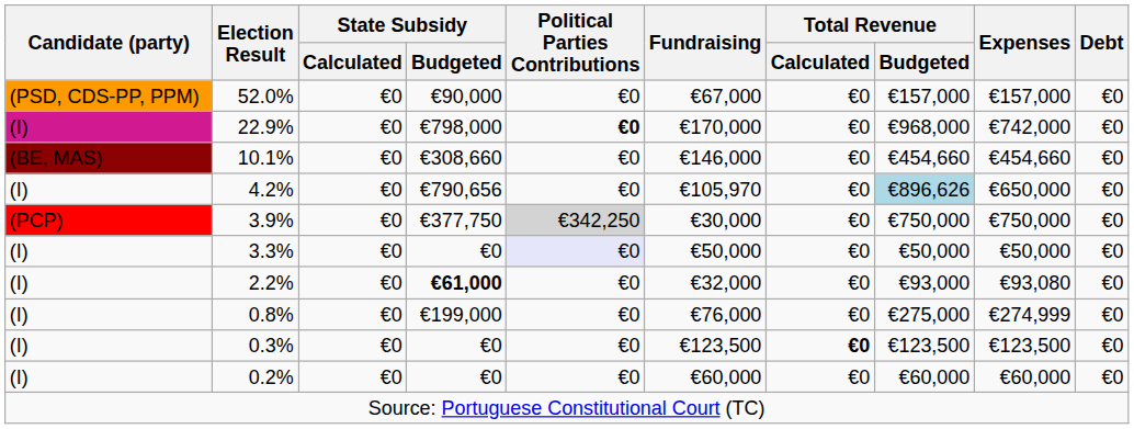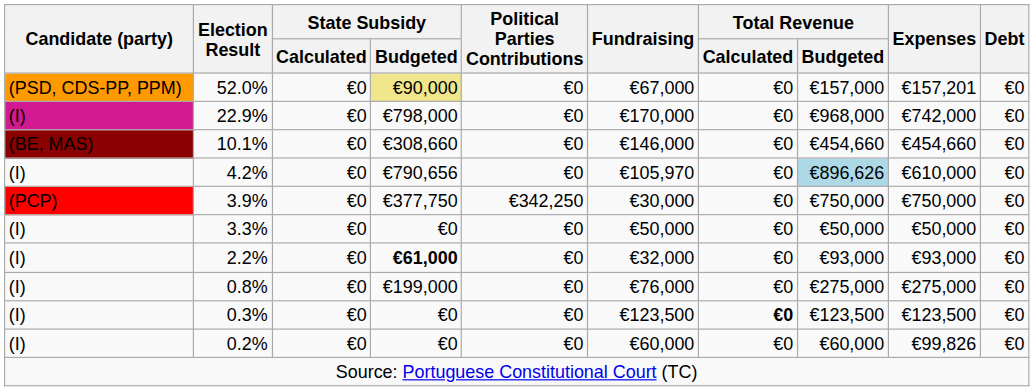 <table class="wikitable sortable" style="font-size:95%">
 <tr>
 <th rowspan=2>Candidate (party)</th>
 <th rowspan=2>Election<br>Result</th>
 <th colspan="2">State Subsidy</th>
 <th rowspan=2>Political Parties<br>Contributions</th>
 <th rowspan=2>Fundraising</th>
 <th colspan="2">Total Revenue</th>
 <th rowspan=2>Expenses</th>
 <th rowspan=2>Debt</th>
 </tr>
 <tr>
 <th>Calculated</th>
 <th>Budgeted</th>
 <th>Calculated</th>
 <th>Budgeted</th>
 </tr>
 <tr>
 <td class="unsortable" style="background:#FF9900" width="275px"><span> (PSD, CDS-PP, PPM)</span></td>
 <td align=right>52.0%</td>
 <td align=right>€0</td>
-<td align=right>€90,000</td>
+<td align=right style="background: khaki;">€90,000</td>
 <td align=right>€0</td>
 <td align=right>€67,000</td>
 <td align=right>€0</td>
 <td align=right>€157,000</td>
-<td align=right>€157,000</td>
+<td align=right>€157,201</td>
 <td align=right>€0</td>
 </tr>
 <tr>
 <td class="unsortable" style="background:#d11a91" width="275px"><span> (I)</span></td>
 <td align=right>22.9%</td>
 <td align=right>€0</td>
 <td align=right>€798,000</td>
-<td align=right><strong>€0</strong></td>
+<td align=right>€0</td>
 <td align=right>€170,000</td>
 <td align=right>€0</td>
 <td align=right>€968,000</td>
 <td align=right>€742,000</td>
 <td align=right>€0</td>
 </tr>
 <tr>
 <td class="unsortable" style="background:#8B0000" width="230px"><span> (BE, MAS)</span></td>
 <td align=right>10.1%</td>
 <td align=right>€0</td>
 <td align=right>€308,660</td>
 <td align=right>€0</td>
 <td align=right>€146,000</td>
 <td align=right>€0</td>
 <td align=right>€454,660</td>
 <td align=right>€454,660</td>
 <td align=right>€0</td>
 </tr>
 <tr>
 <td class="unsortable" style="background:"><span> (I)</span></td>
 <td align=right>4.2%</td>
 <td align=right>€0</td>
 <td align=right>€790,656</td>
 <td align=right>€0</td>
 <td align=right>€105,970</td>
 <td align=right>€0</td>
 <td align=right style="background: lightblue;">€896,626</td>
-<td align=right>€650,000</td>
+<td align=right>€610,000</td>
 <td align=right>€0</td>
 </tr>
 <tr>
 <td class="unsortable" style="background:red" width="230px"><span> (PCP)</span></td>
 <td align=right>3.9%</td>
 <td align=right>€0</td>
 <td align=right>€377,750</td>
-<td align=right style="background: lightgrey;">€342,250</td>
+<td align=right>€342,250</td>
 <td align=right>€30,000</td>
 <td align=right>€0</td>
 <td align=right>€750,000</td>
 <td align=right>€750,000</td>
 <td align=right>€0</td>
 </tr>
 <tr>
 <td class="unsortable" style="background:"><span> (I)</span></td>
 <td align=right>3.3%</td>
 <td align=right>€0</td>
 <td align=right>€0</td>
-<td align=right style="background: lavender;">€0</td>
+<td align=right>€0</td>
 <td align=right>€50,000</td>
 <td align=right>€0</td>
 <td align=right>€50,000</td>
 <td align=right>€50,000</td>
 <td align=right>€0</td>
 </tr>
 <tr>
 <td class="unsortable" style="background:"><span> (I)</span></td>
 <td align=right>2.2%</td>
 <td align=right>€0</td>
 <td align=right><strong>€61,000</strong></td>
 <td align=right>€0</td>
 <td align=right>€32,000</td>
 <td align=right>€0</td>
 <td align=right>€93,000</td>
-<td align=right>€93,080</td>
+<td align=right>€93,000</td>
 <td align=right>€0</td>
 </tr>
 <tr>
 <td class="unsortable" style="background:"><span> (I)</span></td>
 <td align=right>0.8%</td>
 <td align=right>€0</td>
 <td align=right>€199,000</td>
 <td align=right>€0</td>
 <td align=right>€76,000</td>
 <td align=right>€0</td>
 <td align=right>€275,000</td>
-<td align=right>€274,999</td>
+<td align=right>€275,000</td>
 <td align=right>€0</td>
 </tr>
 <tr>
 <td class="unsortable" style="background:"><span> (I)</span></td>
 <td align=right>0.3%</td>
 <td align=right>€0</td>
 <td align=right>€0</td>
 <td align=right>€0</td>
 <td align=right>€123,500</td>
 <td align=right><strong>€0</strong></td>
 <td align=right>€123,500</td>
 <td align=right>€123,500</td>
 <td align=right>€0</td>
 </tr>
 <tr>
 <td class="unsortable" style="background:"><span> (I)</span></td>
 <td align=right>0.2%</td>
 <td align=right>€0</td>
 <td align=right>€0</td>
 <td align=right>€0</td>
 <td align=right>€60,000</td>
 <td align=right>€0</td>
 <td align=right>€60,000</td>
-<td align=right>€60,000</td>
+<td align=right>€99,826</td>
 <td align=right>€0</td>
 </tr>
 <tr style="text-align:center;" class="sortbottom">
 <td colspan="10">Source: <a href='#'>Portuguese Constitutional Court</a> (TC)</td>
 </tr>
 </table>
